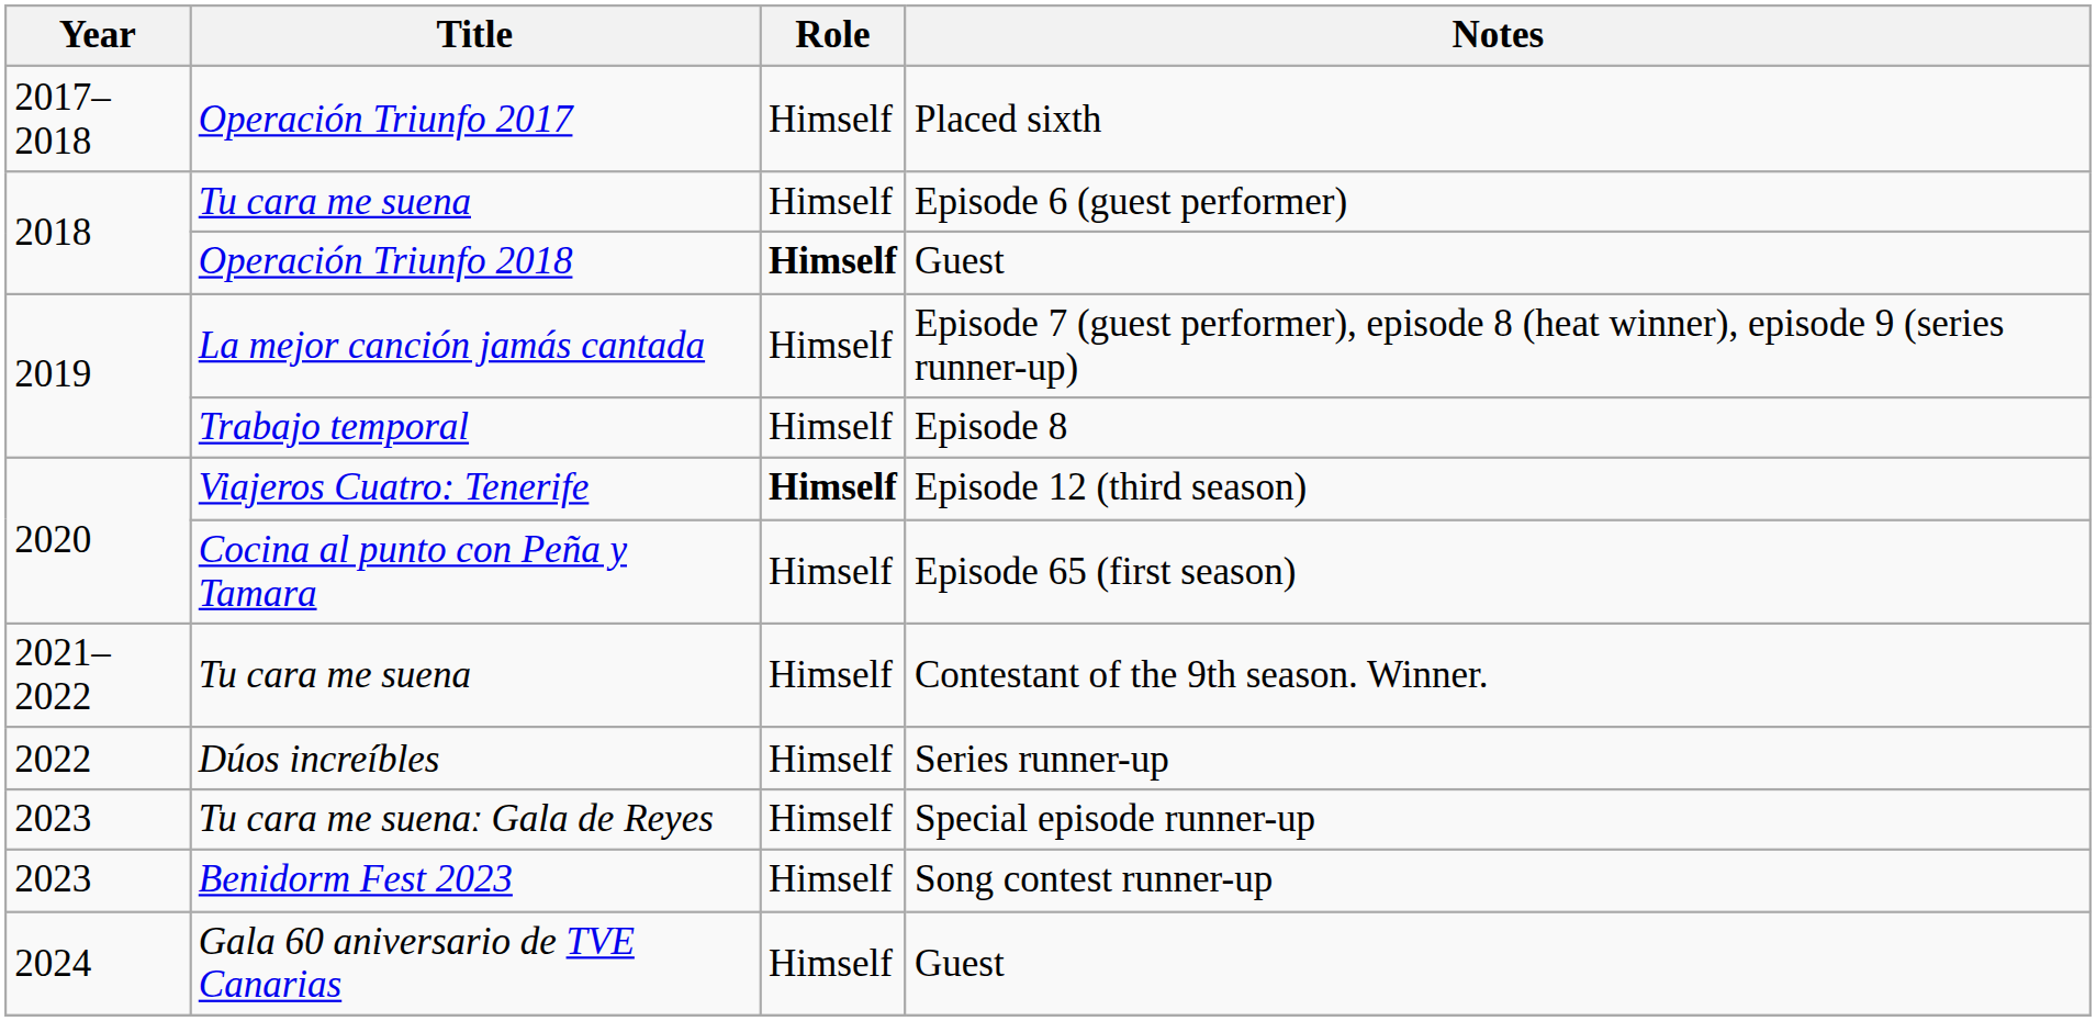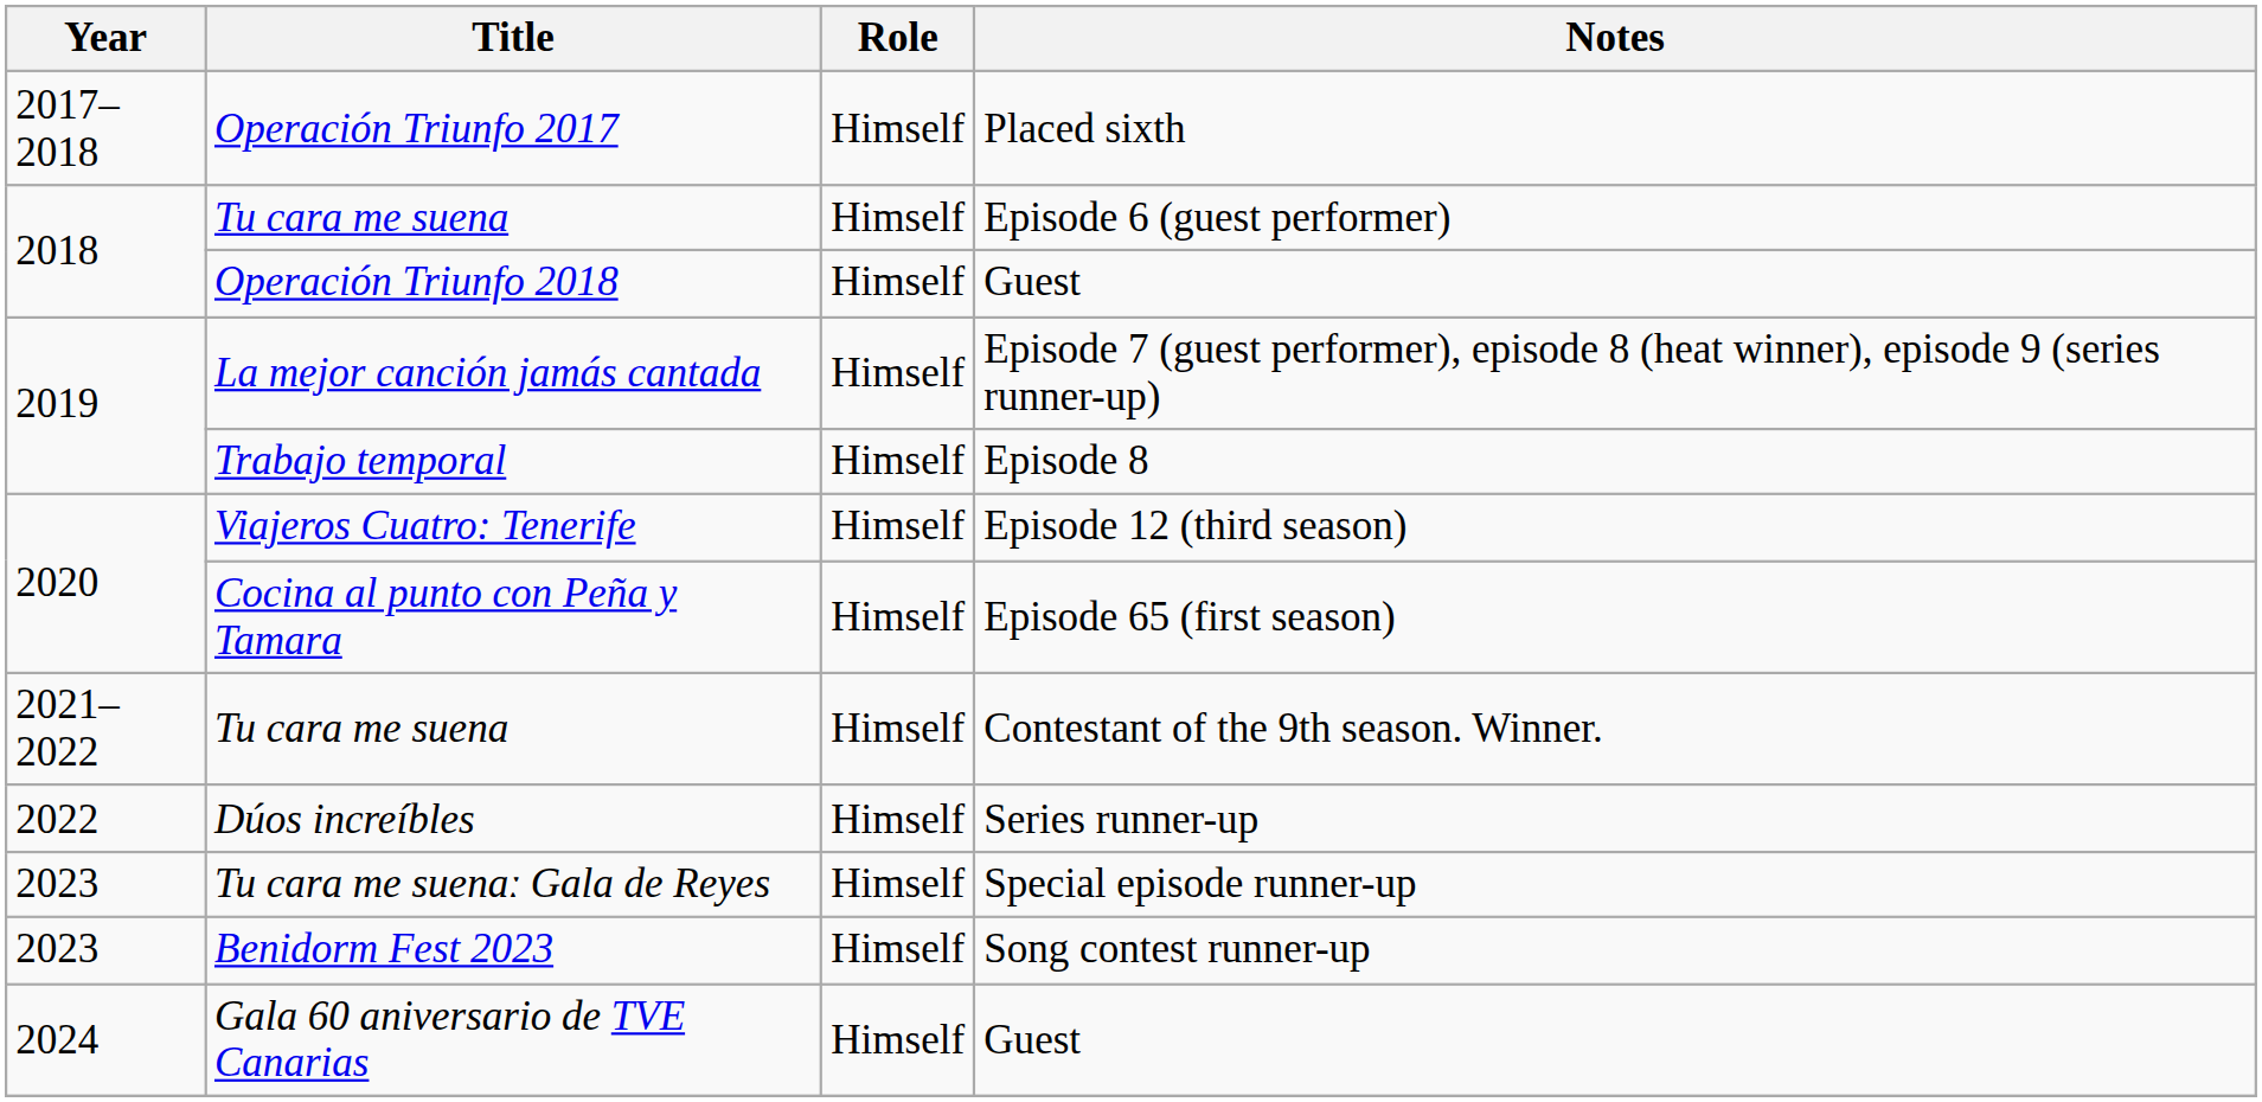 <table class="wikitable">
 <tr>
 <th>Year</th>
 <th>Title</th>
 <th>Role</th>
 <th>Notes</th>
 </tr>
 <tr>
 <td>2017–2018</td>
 <td><em><a href='#'>Operación Triunfo 2017</a></em></td>
 <td>Himself</td>
 <td>Placed sixth</td>
 </tr>
 <tr>
 <td rowspan="2">2018</td>
 <td><em><a href='#'>Tu cara me suena</a></em></td>
 <td>Himself</td>
 <td>Episode 6 (guest performer)</td>
 </tr>
 <tr>
 <td><em><a href='#'>Operación Triunfo 2018</a></em></td>
-<td><strong>Himself</strong></td>
+<td>Himself</td>
 <td>Guest</td>
 </tr>
 <tr>
 <td rowspan="2">2019</td>
 <td><em><a href='#'>La mejor canción jamás cantada</a></em></td>
 <td>Himself</td>
 <td>Episode 7 (guest performer), episode 8 (heat winner), episode 9 (series runner-up)</td>
 </tr>
 <tr>
 <td><em><a href='#'>Trabajo temporal</a></em></td>
 <td>Himself</td>
 <td>Episode 8</td>
 </tr>
 <tr>
 <td rowspan="2">2020</td>
 <td><em><a href='#'>Viajeros Cuatro: Tenerife</a></em></td>
-<td><strong>Himself</strong></td>
+<td>Himself</td>
 <td>Episode 12 (third season)</td>
 </tr>
 <tr>
 <td><em><a href='#'>Cocina al punto con Peña y Tamara</a></em></td>
 <td>Himself</td>
 <td>Episode 65 (first season)</td>
 </tr>
 <tr>
 <td rowspan="1">2021–2022</td>
 <td><em>Tu cara me suena</em></td>
 <td>Himself</td>
 <td>Contestant of the 9th season. Winner.</td>
 </tr>
 <tr>
 <td rowspan="1">2022</td>
 <td><em>Dúos increíbles</em></td>
 <td>Himself</td>
 <td>Series runner-up</td>
 </tr>
 <tr>
 <td rowspan="1">2023</td>
 <td><em>Tu cara me suenaː Gala de Reyes</em></td>
 <td>Himself</td>
 <td>Special episode runner-up</td>
 </tr>
 <tr>
 <td rowspan="1">2023</td>
 <td><em><a href='#'>Benidorm Fest 2023</a></em></td>
 <td>Himself</td>
 <td>Song contest runner-up</td>
 </tr>
 <tr>
 <td rowspan="1">2024</td>
 <td><em>Gala 60 aniversario de <a href='#'>TVE Canarias</a></em></td>
 <td>Himself</td>
 <td>Guest</td>
 </tr>
 <tr>
 </tr>
 </table>
